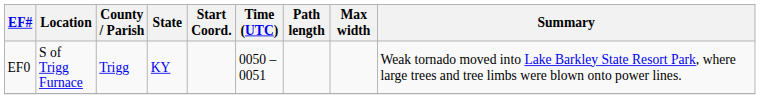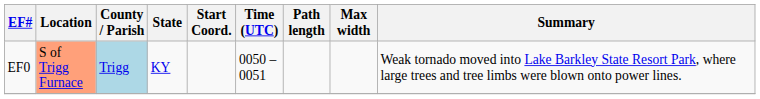 <table class="wikitable sortable" style="width:100%;">
 <tr>
 <th scope="col" width="3%" align="center"><a href='#'>EF#</a></th>
 <th scope="col" width="7%" align="center" class="unsortable">Location</th>
 <th scope="col" width="6%" align="center" class="unsortable">County / Parish</th>
 <th scope="col" width="5%" align="center">State</th>
 <th scope="col" width="6%" align="center">Start Coord.</th>
 <th scope="col" width="6%" align="center">Time (<a href='#'>UTC</a>)</th>
 <th scope="col" width="6%" align="center">Path length</th>
 <th scope="col" width="6%" align="center">Max width</th>
 <th scope="col" width="48%" class="unsortable" align="center">Summary</th>
 </tr>
 <tr>
 <td>EF0</td>
-<td>S of <a href='#'>Trigg Furnace</a></td>
-<td><a href='#'>Trigg</a></td>
+<td style="background: lightsalmon;">S of <a href='#'>Trigg Furnace</a></td>
+<td style="background: lightblue;"><a href='#'>Trigg</a></td>
 <td><a href='#'>KY</a></td>
 <td></td>
 <td>0050 – 0051</td>
 <td></td>
 <td></td>
 <td>Weak tornado moved into <a href='#'>Lake Barkley State Resort Park</a>, where large trees and tree limbs were blown onto power lines.</td>
 </tr>
 <tr>
 </tr>
 </table>
